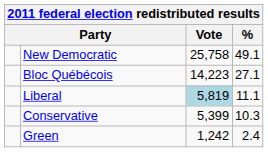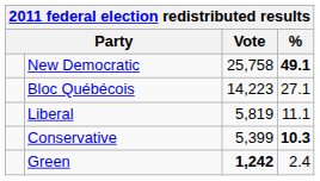 <table class="wikitable">
 <tr>
 <th colspan="4"><a href='#'>2011 federal election</a> redistributed results</th>
 </tr>
 <tr>
 <th bgcolor="#DDDDFF" width="130px" colspan="2">Party</th>
 <th bgcolor="#DDDDFF" width="50px">Vote</th>
 <th bgcolor="#DDDDFF" width="30px">%</th>
 </tr>
 <tr>
 <td> </td>
 <td><a href='#'>New Democratic</a></td>
 <td align=right>25,758</td>
-<td align=right>49.1</td>
+<td align=right><strong>49.1</strong></td>
 </tr>
 <tr>
 <td> </td>
 <td><a href='#'>Bloc Québécois</a></td>
 <td align=right>14,223</td>
 <td align=right>27.1</td>
 </tr>
 <tr>
 <td> </td>
 <td><a href='#'>Liberal</a></td>
-<td align=right style="background: lightblue;">5,819</td>
+<td align=right>5,819</td>
 <td align=right>11.1</td>
 </tr>
 <tr>
 <td> </td>
 <td><a href='#'>Conservative</a></td>
 <td align=right>5,399</td>
-<td align=right>10.3</td>
+<td align=right><strong>10.3</strong></td>
 </tr>
 <tr>
 <td> </td>
 <td><a href='#'>Green</a></td>
-<td align=right>1,242</td>
+<td align=right><strong>1,242</strong></td>
 <td align=right>2.4</td>
 </tr>
 </table>
